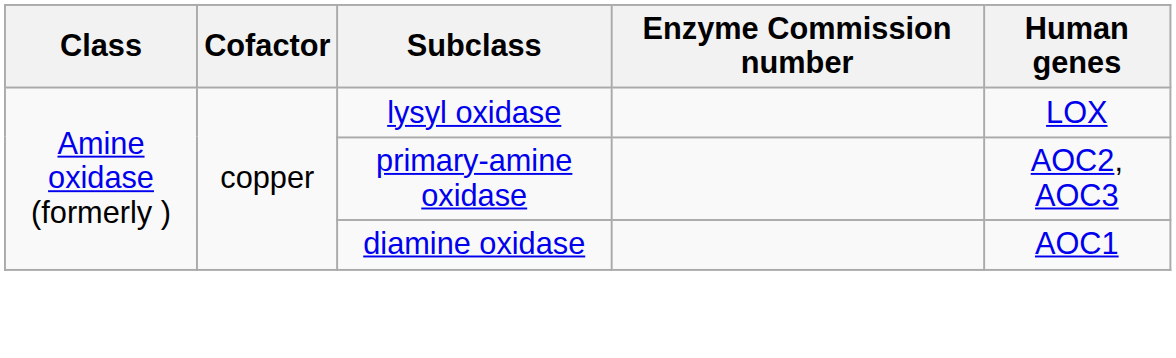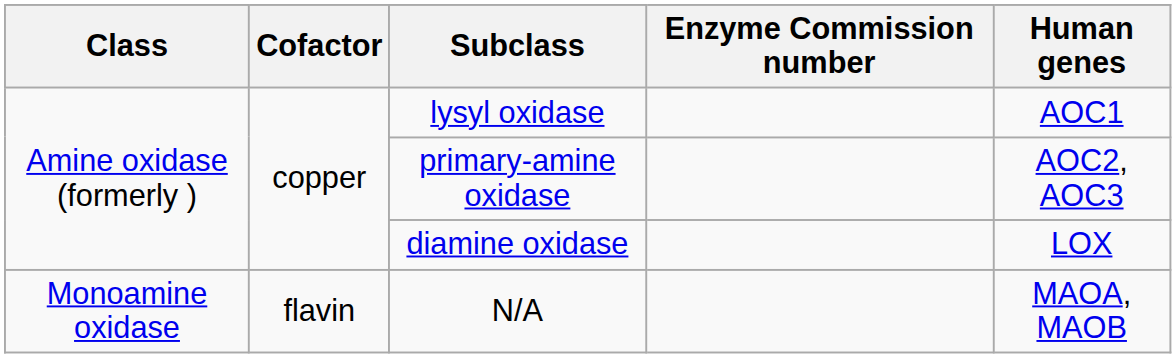 <table class="wikitable" style="text-align: center;">
 <tr>
 <th>Class</th>
 <th>Cofactor</th>
 <th>Subclass</th>
 <th>Enzyme Commission number</th>
 <th>Human genes</th>
 </tr>
 <tr>
 <td rowspan="3"><a href='#'>Amine oxidase</a><br>(formerly )</td>
 <td rowspan="3">copper</td>
 <td><a href='#'>lysyl oxidase</a></td>
 <td></td>
-<td><a href='#'>LOX</a></td>
+<td><a href='#'>AOC1</a></td>
 </tr>
 <tr>
 <td><a href='#'>primary-amine oxidase</a></td>
 <td></td>
 <td><a href='#'>AOC2</a>, <a href='#'>AOC3</a></td>
 </tr>
 <tr>
 <td><a href='#'>diamine oxidase</a></td>
 <td></td>
-<td><a href='#'>AOC1</a></td>
+<td><a href='#'>LOX</a></td>
+</tr>
+<tr>
+<td><a href='#'>Monoamine oxidase</a></td>
+<td>flavin</td>
+<td>N/A</td>
+<td></td>
+<td><a href='#'>MAOA</a>, <a href='#'>MAOB</a></td>
 </tr>
 </table>
